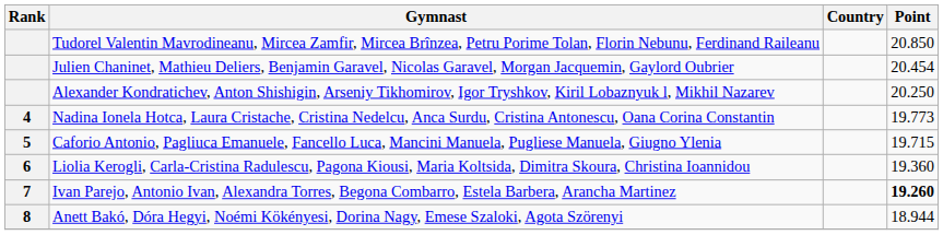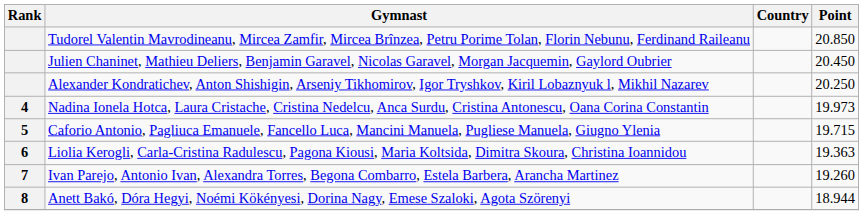 <table class="wikitable sortable">
 <tr>
 <th>Rank</th>
 <th>Gymnast</th>
 <th>Country</th>
 <th>Point</th>
 </tr>
 <tr>
 <th></th>
 <td><a href='#'>Tudorel Valentin Mavrodineanu</a>, <a href='#'>Mircea Zamfir</a>, <a href='#'>Mircea Brînzea</a>, <a href='#'>Petru Porime Tolan</a>, <a href='#'>Florin Nebunu</a>,  <a href='#'>Ferdinand Raileanu</a></td>
 <td></td>
 <td>20.850</td>
 </tr>
 <tr>
 <th></th>
 <td><a href='#'>Julien Chaninet</a>, <a href='#'>Mathieu Deliers</a>, <a href='#'>Benjamin Garavel</a>, <a href='#'>Nicolas Garavel</a>, <a href='#'>Morgan Jacquemin</a>, <a href='#'>Gaylord Oubrier</a></td>
 <td></td>
-<td>20.454</td>
+<td>20.450</td>
 </tr>
 <tr>
 <th></th>
 <td><a href='#'>Alexander Kondratichev</a>, <a href='#'>Anton Shishigin</a>, <a href='#'>Arseniy Tikhomirov</a>, <a href='#'>Igor Tryshkov</a>,  <a href='#'>Kiril Lobaznyuk l</a>,  <a href='#'>Mikhil Nazarev</a></td>
 <td></td>
 <td>20.250</td>
 </tr>
 <tr>
 <th>4</th>
 <td><a href='#'>Nadina Ionela Hotca</a>, <a href='#'>Laura Cristache</a>, <a href='#'>Cristina Nedelcu</a>, <a href='#'>Anca Surdu</a>,  <a href='#'>Cristina Antonescu</a>,  <a href='#'>Oana Corina Constantin</a></td>
 <td></td>
-<td>19.773</td>
+<td>19.973</td>
 </tr>
 <tr>
 <th>5</th>
 <td><a href='#'>Caforio Antonio</a>, <a href='#'>Pagliuca Emanuele</a>, <a href='#'>Fancello Luca</a>, <a href='#'>Mancini Manuela</a>, <a href='#'>Pugliese Manuela</a>,  <a href='#'>Giugno Ylenia</a></td>
 <td></td>
 <td>19.715</td>
 </tr>
 <tr>
 <th>6</th>
 <td><a href='#'>Liolia Kerogli</a>, <a href='#'>Carla-Cristina Radulescu</a>, <a href='#'>Pagona Kiousi</a>, <a href='#'>Maria Koltsida</a>, <a href='#'>Dimitra Skoura</a>, <a href='#'>Christina Ioannidou</a></td>
 <td></td>
-<td>19.360</td>
+<td>19.363</td>
 </tr>
 <tr>
 <th>7</th>
 <td><a href='#'>Ivan Parejo</a>, <a href='#'>Antonio Ivan</a>, <a href='#'>Alexandra Torres</a>, <a href='#'>Begona Combarro</a>, <a href='#'>Estela Barbera</a>, <a href='#'>Arancha Martinez</a></td>
 <td></td>
-<td><strong>19.260</strong></td>
+<td>19.260</td>
 </tr>
 <tr>
 <th>8</th>
 <td><a href='#'>Anett Bakó</a>, <a href='#'>Dóra Hegyi</a>, <a href='#'>Noémi Kökényesi</a>, <a href='#'>Dorina Nagy</a>, <a href='#'>Emese Szaloki</a>, <a href='#'>Agota Szörenyi</a></td>
 <td></td>
 <td>18.944</td>
 </tr>
 <tr>
 </tr>
 </table>
